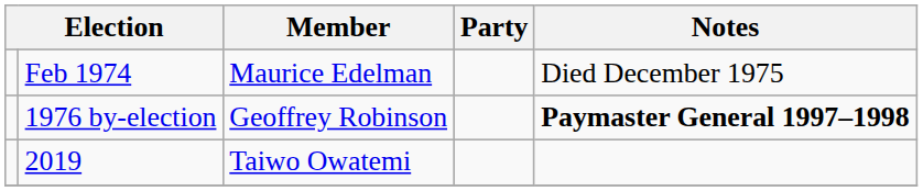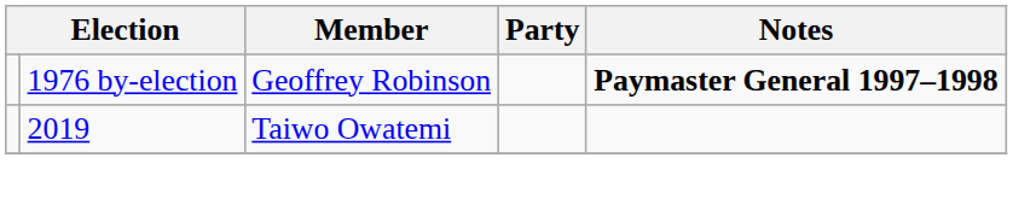 <table class="wikitable">
 <tr>
 <th colspan="2">Election</th>
 <th>Member</th>
 <th>Party</th>
 <th>Notes</th>
-</tr>
-<tr>
-<td style="color:inherit;background-color: "></td>
-<td><a href='#'>Feb 1974</a></td>
-<td><a href='#'>Maurice Edelman</a></td>
-<td></td>
-<td>Died December 1975</td>
 </tr>
 <tr>
 <td style="color:inherit;background-color: "></td>
 <td><a href='#'>1976 by-election</a></td>
 <td><a href='#'>Geoffrey Robinson</a></td>
 <td></td>
 <td><strong>Paymaster General 1997–1998</strong></td>
 </tr>
 <tr>
 <td style="color:inherit;background-color: "></td>
 <td><a href='#'>2019</a></td>
 <td><a href='#'>Taiwo Owatemi</a></td>
 <td></td>
 <td></td>
 </tr>
 <tr>
 </tr>
 </table>
